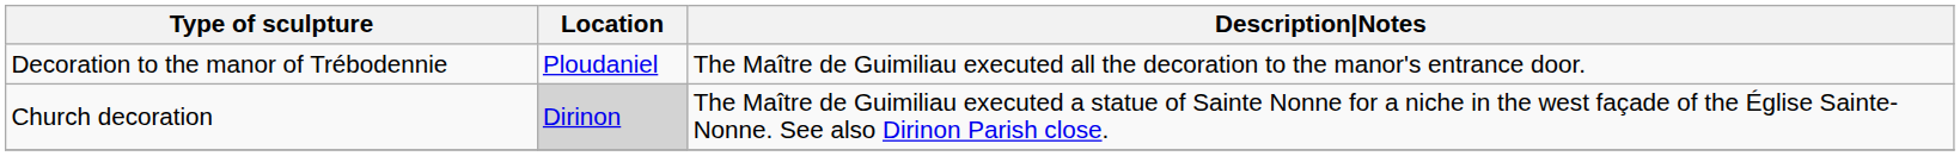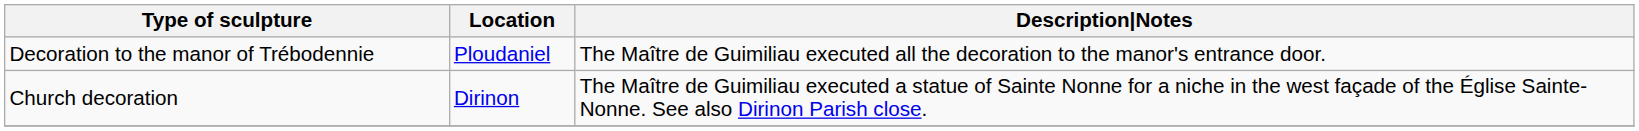 <table class="wikitable sortable" style="width:100%; margin-top:0.5em;">
 <tr>
 <th scope="col">Type of sculpture</th>
 <th scope="col">Location</th>
 <th scope="col" width="65%">Description|Notes</th>
 </tr>
 <tr>
 <td>Decoration to the manor of Trébodennie</td>
 <td><a href='#'>Ploudaniel</a></td>
 <td>The Maître de Guimiliau executed all the decoration to the manor's entrance door.<br></td>
 </tr>
 <tr>
 <td>Church decoration</td>
-<td style="background: lightgrey;"><a href='#'>Dirinon</a></td>
+<td><a href='#'>Dirinon</a></td>
 <td>The Maître de Guimiliau executed a statue of Sainte Nonne for a niche in the west façade of the Église Sainte-Nonne. See also <a href='#'>Dirinon Parish close</a>.<br></td>
 </tr>
 <tr>
 </tr>
 </table>
